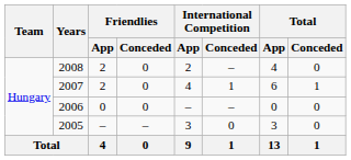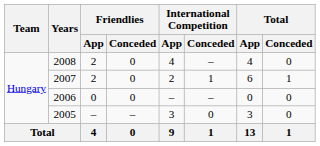 <table class=wikitable style="text-align: center">
 <tr>
 <th rowspan=2>Team</th>
 <th rowspan=2>Years</th>
 <th colspan=2>Friendlies</th>
 <th colspan=2>International<br>Competition</th>
 <th colspan=2>Total</th>
 </tr>
 <tr>
 <th>App</th>
 <th>Conceded</th>
 <th>App</th>
 <th>Conceded</th>
 <th>App</th>
 <th>Conceded</th>
 </tr>
 <tr>
 <td rowspan=4><a href='#'>Hungary</a></td>
 <td>2008</td>
 <td>2</td>
 <td>0</td>
-<td>2</td>
+<td>4</td>
 <td>–</td>
 <td>4</td>
 <td>0</td>
 </tr>
 <tr>
 <td>2007</td>
 <td>2</td>
 <td>0</td>
-<td>4</td>
+<td>2</td>
 <td>1</td>
 <td>6</td>
 <td>1</td>
 </tr>
 <tr>
 <td>2006</td>
 <td>0</td>
 <td>0</td>
 <td>–</td>
 <td>–</td>
 <td>0</td>
 <td>0</td>
 </tr>
 <tr>
 <td>2005</td>
 <td>–</td>
 <td>–</td>
 <td>3</td>
 <td>0</td>
 <td>3</td>
 <td>0</td>
 </tr>
 <tr>
 <th colspan=2>Total</th>
 <th>4</th>
 <th>0</th>
 <th>9</th>
 <th>1</th>
 <th>13</th>
 <th>1</th>
 </tr>
 </table>
